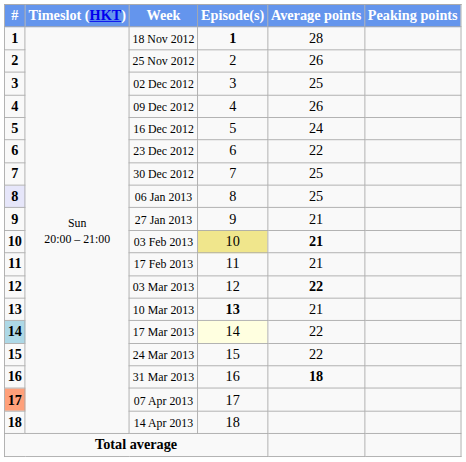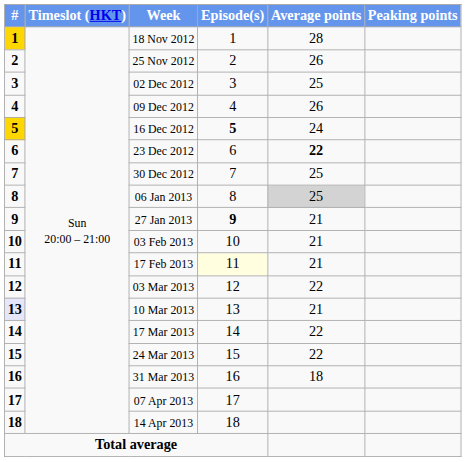 <table class="wikitable collapsible collapsed" style="text-align:center;">
 <tr style="background:cornflowerblue; color:white" align="center">
 </tr>
 <tr>
 <th style="background:cornflowerblue; color:white" align="center">#</th>
 <th style="background:cornflowerblue; color:white" align="center">Timeslot (<a href='#'>HKT</a>)</th>
 <th style="background:cornflowerblue; color:white" align="center">Week</th>
 <th style="background:cornflowerblue; color:white" align="center">Episode(s)</th>
 <th style="background:cornflowerblue; color:white" align="center">Average points</th>
 <th style="background:cornflowerblue; color:white" align="center">Peaking points</th>
 </tr>
 <tr>
-<td><strong>1</strong></td>
+<td style="background: gold;"><strong>1</strong></td>
 <td rowspan="18"><small>Sun<br> 20:00 – 21:00</small></td>
 <td><small>18 Nov 2012</small></td>
-<td><strong>1</strong></td>
+<td>1</td>
 <td>28</td>
 <td></td>
 </tr>
 <tr>
 <td><strong>2</strong></td>
 <td><small>25 Nov 2012</small></td>
 <td>2</td>
 <td>26</td>
 <td></td>
 </tr>
 <tr>
 <td><strong>3</strong></td>
 <td><small>02 Dec 2012</small></td>
 <td>3</td>
 <td>25</td>
 <td></td>
 </tr>
 <tr>
 <td><strong>4</strong></td>
 <td><small>09 Dec 2012</small></td>
 <td>4</td>
 <td>26</td>
 <td></td>
 </tr>
 <tr>
+<td style="background: gold;"><strong>5</strong></td>
+<td><small>16 Dec 2012</small></td>
 <td><strong>5</strong></td>
-<td><small>16 Dec 2012</small></td>
-<td>5</td>
 <td>24</td>
 <td></td>
 </tr>
 <tr>
 <td><strong>6</strong></td>
 <td><small>23 Dec 2012</small></td>
 <td>6</td>
-<td>22</td>
+<td><strong>22</strong></td>
 <td></td>
 </tr>
 <tr>
 <td><strong>7</strong></td>
 <td><small>30 Dec 2012</small></td>
 <td>7</td>
 <td>25</td>
 <td></td>
 </tr>
 <tr>
-<td style="background: lavender;"><strong>8</strong></td>
+<td><strong>8</strong></td>
 <td><small>06 Jan 2013</small></td>
 <td>8</td>
-<td>25</td>
+<td style="background: lightgrey;">25</td>
 <td></td>
 </tr>
 <tr>
 <td><strong>9</strong></td>
 <td><small>27 Jan 2013</small></td>
-<td>9</td>
+<td><strong>9</strong></td>
 <td>21</td>
 <td></td>
 </tr>
 <tr>
 <td><strong>10</strong></td>
 <td><small>03 Feb 2013</small></td>
-<td style="background: khaki;">10</td>
-<td><strong>21</strong></td>
+<td>10</td>
+<td>21</td>
 <td></td>
 </tr>
 <tr>
 <td><strong>11</strong></td>
 <td><small>17 Feb 2013</small></td>
-<td>11</td>
+<td style="background: lightyellow;">11</td>
 <td>21</td>
 <td></td>
 </tr>
 <tr>
 <td><strong>12</strong></td>
 <td><small>03 Mar 2013</small></td>
 <td>12</td>
-<td><strong>22</strong></td>
+<td>22</td>
 <td></td>
 </tr>
 <tr>
-<td><strong>13</strong></td>
+<td style="background: lavender;"><strong>13</strong></td>
 <td><small>10 Mar 2013</small></td>
-<td><strong>13</strong></td>
+<td>13</td>
 <td>21</td>
 <td></td>
 </tr>
 <tr>
-<td style="background: lightblue;"><strong>14</strong></td>
+<td><strong>14</strong></td>
 <td><small>17 Mar 2013</small></td>
-<td style="background: lightyellow;">14</td>
+<td>14</td>
 <td>22</td>
 <td></td>
 </tr>
 <tr>
 <td><strong>15</strong></td>
 <td><small>24 Mar 2013</small></td>
 <td>15</td>
 <td>22</td>
 <td></td>
 </tr>
 <tr>
 <td><strong>16</strong></td>
 <td><small>31 Mar 2013</small></td>
 <td>16</td>
-<td><strong>18</strong></td>
+<td>18</td>
 <td></td>
 </tr>
 <tr>
-<td style="background: lightsalmon;"><strong>17</strong></td>
+<td><strong>17</strong></td>
 <td><small>07 Apr 2013</small></td>
 <td>17</td>
 <td></td>
 <td></td>
 </tr>
 <tr>
 <td><strong>18</strong></td>
 <td><small>14 Apr 2013</small></td>
 <td>18</td>
 <td></td>
 <td></td>
 </tr>
 <tr>
 <td colspan="4"><strong>Total average</strong></td>
 <td></td>
 <td></td>
 </tr>
 </table>
